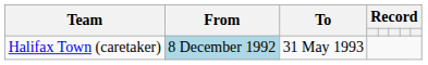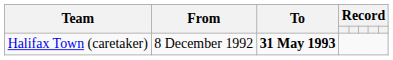 <table class=wikitable style="text-align: center">
 <tr>
 <th rowspan=2>Team</th>
 <th rowspan=2>From</th>
 <th rowspan=2>To</th>
 <th colspan=5>Record</th>
 </tr>
 <tr>
 <th></th>
 <th></th>
 <th></th>
 <th></th>
 <th></th>
 </tr>
 <tr>
 <td align=left><a href='#'>Halifax Town</a> (caretaker)</td>
-<td align=left style="background: lightblue;">8 December 1992</td>
-<td align=left>31 May 1993<br></td>
+<td align=left>8 December 1992</td>
+<td align=left><strong>31 May 1993<br></strong></td>
 </tr>
 </table>
